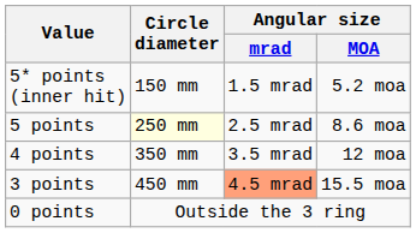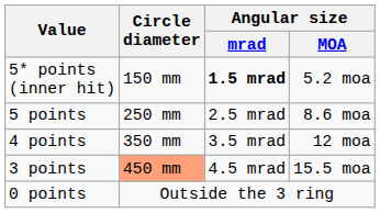 <table class="wikitable">
 <tr>
 <th rowspan="2">Value</th>
 <th rowspan="2">Circle<br>diameter</th>
 <th colspan="2">Angular size</th>
 </tr>
 <tr>
 <th><a href='#'>mrad</a></th>
 <th><a href='#'>MOA</a></th>
 </tr>
 <tr>
 <td>5* points<br>(inner hit)</td>
 <td>150 mm</td>
-<td style="text-align: right;">1.5 mrad</td>
+<td style="text-align: right;"><strong>1.5 mrad</strong></td>
 <td style="text-align: right;">5.2 moa</td>
 </tr>
 <tr>
 <td>5 points</td>
-<td style="background: lightyellow;">250 mm</td>
+<td>250 mm</td>
 <td style="text-align: right;">2.5 mrad</td>
 <td style="text-align: right;">8.6 moa</td>
 </tr>
 <tr>
 <td>4 points</td>
 <td>350 mm</td>
 <td style="text-align: right;">3.5 mrad</td>
 <td style="text-align: right;">12 moa</td>
 </tr>
 <tr>
 <td>3 points</td>
-<td>450 mm</td>
-<td style="background: lightsalmon; text-align: right;">4.5 mrad</td>
+<td style="background: lightsalmon;">450 mm</td>
+<td style="text-align: right;">4.5 mrad</td>
 <td style="text-align: right;">15.5 moa</td>
 </tr>
 <tr>
 <td>0 points</td>
 <td colspan="3" style="text-align: center;">Outside the 3 ring</td>
 </tr>
 </table>
